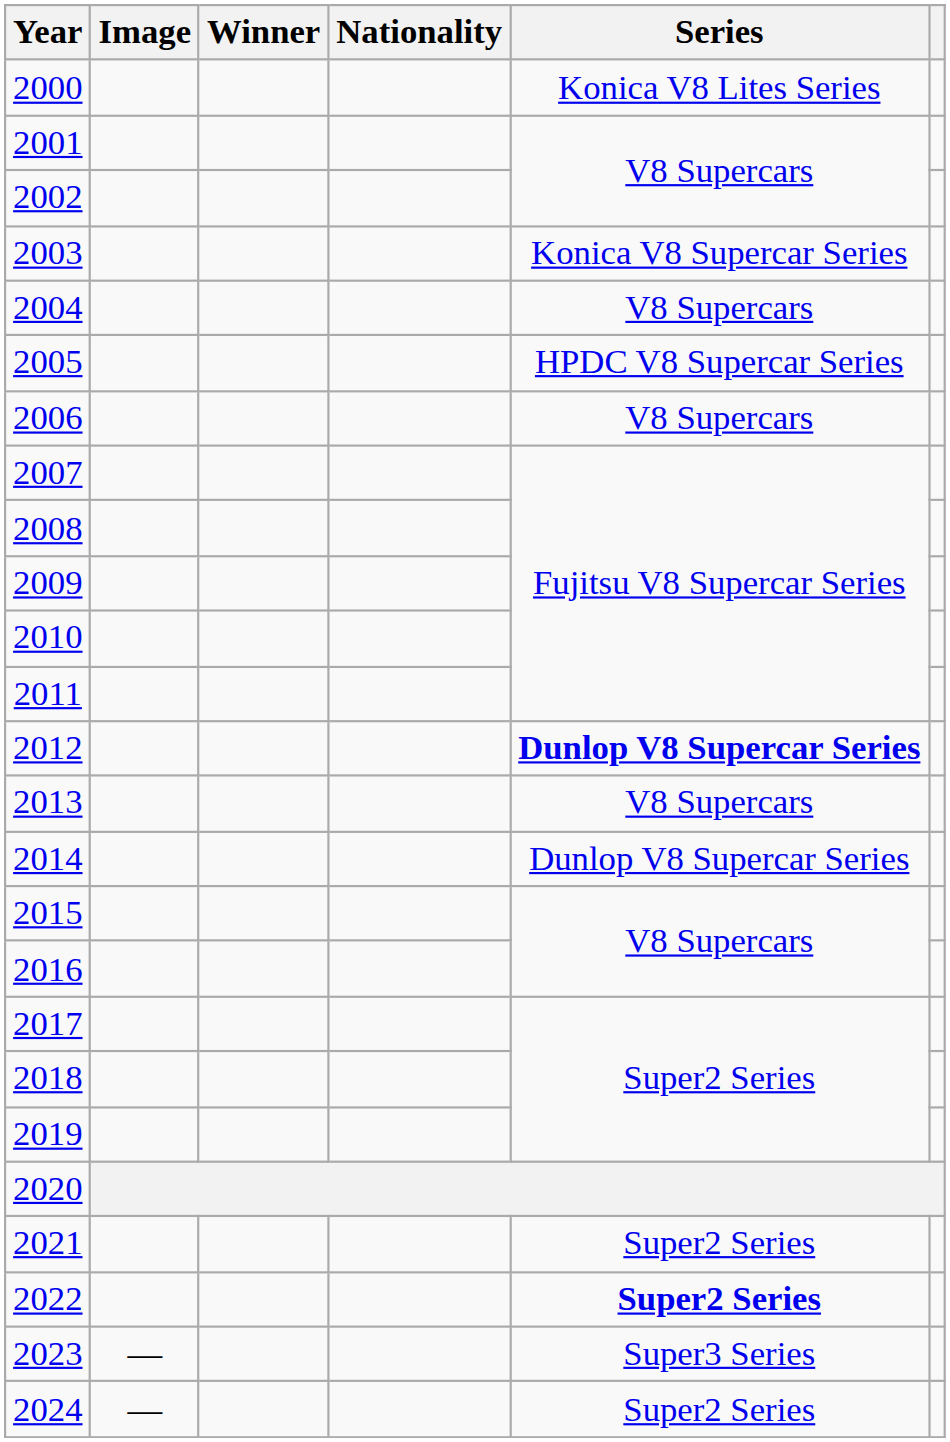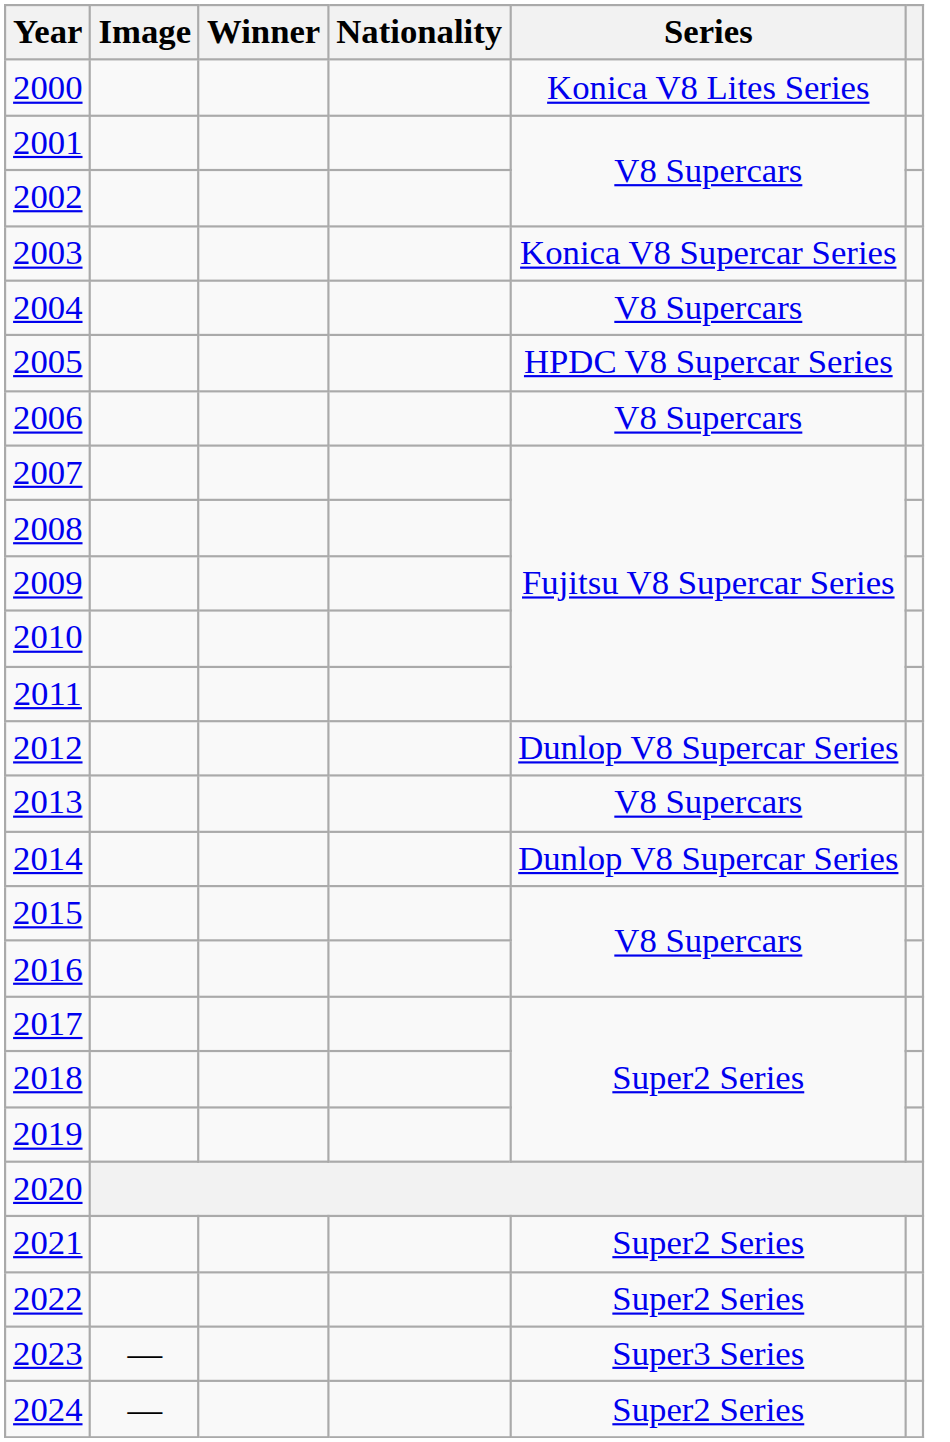 <table class="wikitable plainrowheaders sortable" style="text-align:center;">
 <tr>
 <th scope=col>Year</th>
 <th scope=col  class=unsortable>Image</th>
 <th scope=col>Winner</th>
 <th scope=col>Nationality</th>
 <th>Series</th>
 <th scope=col class=unsortable></th>
 </tr>
 <tr>
 <td><a href='#'>2000</a></td>
 <td></td>
 <td scope=row></td>
 <td></td>
 <td><a href='#'>Konica V8 Lites Series</a></td>
 <td></td>
 </tr>
 <tr>
 <td><a href='#'>2001</a></td>
 <td></td>
 <td scope=row></td>
 <td></td>
 <td rowspan="2"><a href='#'>V8 Supercars</a></td>
 <td></td>
 </tr>
 <tr>
 <td><a href='#'>2002</a></td>
 <td></td>
 <td scope=row></td>
 <td></td>
 <td></td>
 </tr>
 <tr>
 <td><a href='#'>2003</a></td>
 <td></td>
 <td scope=row></td>
 <td></td>
 <td><a href='#'>Konica V8 Supercar Series</a></td>
 <td></td>
 </tr>
 <tr>
 <td><a href='#'>2004</a></td>
 <td></td>
 <td scope=row></td>
 <td></td>
 <td><a href='#'>V8 Supercars</a></td>
 <td></td>
 </tr>
 <tr>
 <td><a href='#'>2005</a></td>
 <td></td>
 <td scope=row></td>
 <td></td>
 <td><a href='#'>HPDC V8 Supercar Series</a></td>
 <td></td>
 </tr>
 <tr>
 <td><a href='#'>2006</a></td>
 <td></td>
 <td scope=row></td>
 <td></td>
 <td><a href='#'>V8 Supercars</a></td>
 <td></td>
 </tr>
 <tr>
 <td><a href='#'>2007</a></td>
 <td></td>
 <td scope=row></td>
 <td></td>
 <td rowspan="5"><a href='#'>Fujitsu V8 Supercar Series</a></td>
 <td></td>
 </tr>
 <tr>
 <td><a href='#'>2008</a></td>
 <td></td>
 <td scope=row></td>
 <td></td>
 <td></td>
 </tr>
 <tr>
 <td><a href='#'>2009</a></td>
 <td></td>
 <td scope=row></td>
 <td></td>
 <td></td>
 </tr>
 <tr>
 <td><a href='#'>2010</a></td>
 <td></td>
 <td scope=row></td>
 <td></td>
 <td></td>
 </tr>
 <tr>
 <td><a href='#'>2011</a></td>
 <td></td>
 <td scope=row></td>
 <td></td>
 <td></td>
 </tr>
 <tr>
 <td><a href='#'>2012</a></td>
 <td></td>
 <td scope=row></td>
 <td></td>
-<td><strong><a href='#'>Dunlop V8 Supercar Series</a></strong></td>
+<td><a href='#'>Dunlop V8 Supercar Series</a></td>
 <td></td>
 </tr>
 <tr>
 <td><a href='#'>2013</a></td>
 <td></td>
 <td scope=row></td>
 <td></td>
 <td><a href='#'>V8 Supercars</a></td>
 <td></td>
 </tr>
 <tr>
 <td><a href='#'>2014</a></td>
 <td></td>
 <td scope=row></td>
 <td></td>
 <td><a href='#'>Dunlop V8 Supercar Series</a></td>
 <td></td>
 </tr>
 <tr>
 <td><a href='#'>2015</a></td>
 <td></td>
 <td scope=row></td>
 <td></td>
 <td rowspan="2"><a href='#'>V8 Supercars</a></td>
 <td></td>
 </tr>
 <tr>
 <td><a href='#'>2016</a></td>
 <td></td>
 <td scope=row></td>
 <td></td>
 <td></td>
 </tr>
 <tr>
 <td><a href='#'>2017</a></td>
 <td></td>
 <td scope=row></td>
 <td></td>
 <td rowspan="3"><a href='#'>Super2 Series</a></td>
 <td></td>
 </tr>
 <tr>
 <td><a href='#'>2018</a></td>
 <td></td>
 <td></td>
 <td></td>
 <td></td>
 </tr>
 <tr>
 <td><a href='#'>2019</a></td>
 <td></td>
 <td scope="row"></td>
 <td></td>
 <td></td>
 </tr>
 <tr>
 <td><a href='#'>2020</a></td>
 <th scope=row colspan=5> </th>
 </tr>
 <tr>
 <td><a href='#'>2021</a></td>
 <td></td>
 <td></td>
 <td></td>
 <td><a href='#'>Super2 Series</a></td>
 <td></td>
 </tr>
 <tr>
 <td><a href='#'>2022</a></td>
 <td></td>
 <td></td>
 <td></td>
-<td><strong><a href='#'>Super2 Series</a></strong></td>
+<td><a href='#'>Super2 Series</a></td>
 <td></td>
 </tr>
 <tr>
 <td><a href='#'>2023</a></td>
 <td>—</td>
 <td></td>
 <td></td>
 <td><a href='#'>Super3 Series</a></td>
 <td></td>
 </tr>
 <tr>
 <td><a href='#'>2024</a></td>
 <td>—</td>
 <td></td>
 <td></td>
 <td><a href='#'>Super2 Series</a></td>
 <td></td>
 </tr>
 </table>
